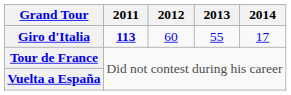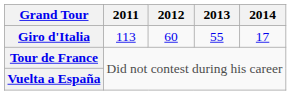 <table class="wikitable plainrowheaders">
 <tr>
 <th scope="col"><a href='#'>Grand Tour</a></th>
 <th scope="col">2011</th>
 <th scope="col">2012</th>
 <th scope="col">2013</th>
 <th scope="col">2014</th>
 </tr>
 <tr style="text-align:center;">
 <th scope="row"> <a href='#'>Giro d'Italia</a></th>
-<td><strong><a href='#'>113</a></strong></td>
+<td><a href='#'>113</a></td>
 <td><a href='#'>60</a></td>
 <td><a href='#'>55</a></td>
 <td><a href='#'>17</a></td>
 </tr>
 <tr style="text-align:center;">
 <th scope="row"> <a href='#'>Tour de France</a></th>
 <td style="color:#4d4d4d;" colspan=4 rowspan=2>Did not contest during his career</td>
 </tr>
 <tr style="text-align:center;">
 <th scope="row"> <a href='#'>Vuelta a España</a></th>
 </tr>
 </table>
